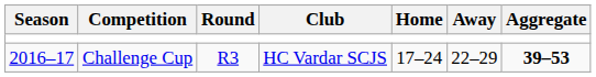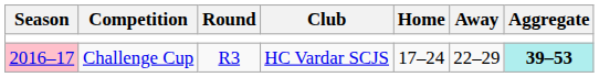 <table class="wikitable">
 <tr>
 <th>Season</th>
 <th>Competition</th>
 <th>Round</th>
 <th>Club</th>
 <th>Home</th>
 <th>Away</th>
 <th>Aggregate</th>
 </tr>
 <tr>
 <td colspan="7" bgcolor=white></td>
 </tr>
 <tr>
-<td><a href='#'>2016–17</a></td>
+<td style="background: pink;"><a href='#'>2016–17</a></td>
 <td><a href='#'>Challenge Cup</a></td>
 <td style="text-align:center;"><a href='#'>R3</a></td>
 <td> <a href='#'>HC Vardar SCJS</a></td>
 <td style="text-align:center;">17–24</td>
 <td style="text-align:center;">22–29</td>
-<td style="text-align:center;"><strong>39–53</strong></td>
+<td style="background: paleturquoise; text-align:center;"><strong>39–53</strong></td>
 </tr>
 </table>
